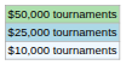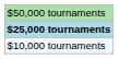 <table class="wikitable" style="font-size:85%;">
 <tr bgcolor=ADDFAD>
 <td>$50,000 tournaments</td>
 </tr>
 <tr bgcolor=lightblue>
-<td>$25,000 tournaments</td>
+<td><strong>$25,000 tournaments</strong></td>
 </tr>
 <tr bgcolor=f0f8ff>
 <td>$10,000 tournaments</td>
 </tr>
 </table>
